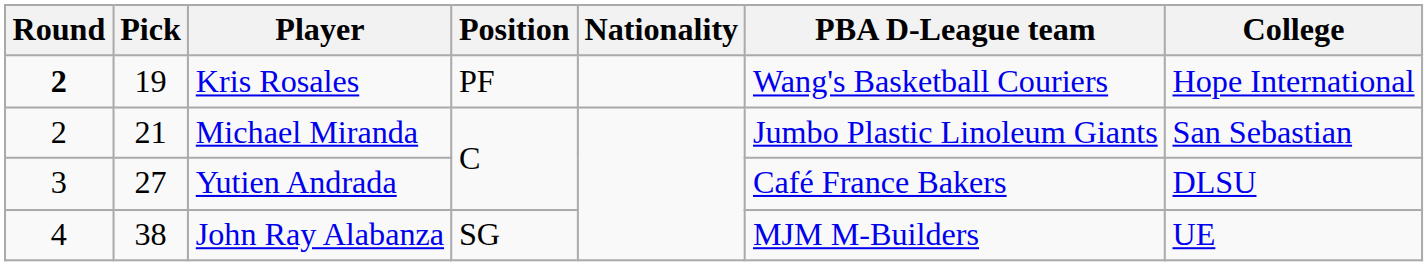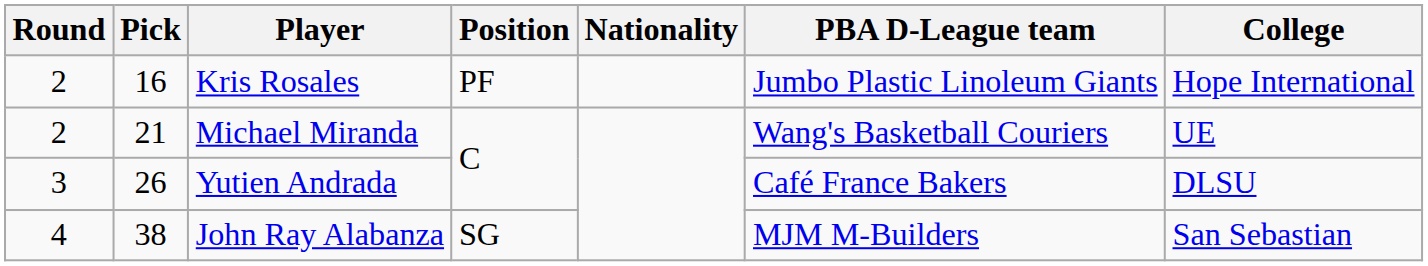 <table class="wikitable sortable sortable">
 <tr>
 <th>Round</th>
 <th>Pick</th>
 <th>Player</th>
 <th>Position</th>
 <th>Nationality</th>
 <th>PBA D-League team</th>
 <th>College</th>
 </tr>
 <tr>
-<td align=center><strong>2</strong></td>
-<td align=center>19</td>
+<td align=center>2</td>
+<td align=center>16</td>
 <td><a href='#'>Kris Rosales</a></td>
 <td>PF</td>
 <td></td>
-<td><a href='#'>Wang's Basketball Couriers</a></td>
+<td><a href='#'>Jumbo Plastic Linoleum Giants</a></td>
 <td><a href='#'>Hope International</a></td>
 </tr>
 <tr>
 <td align=center>2</td>
 <td align=center>21</td>
 <td><a href='#'>Michael Miranda</a></td>
 <td rowspan=2>C</td>
 <td rowspan=3></td>
-<td><a href='#'>Jumbo Plastic Linoleum Giants</a></td>
-<td><a href='#'>San Sebastian</a></td>
+<td><a href='#'>Wang's Basketball Couriers</a></td>
+<td><a href='#'>UE</a></td>
 </tr>
 <tr>
 <td align=center>3</td>
-<td align=center>27</td>
+<td align=center>26</td>
 <td><a href='#'>Yutien Andrada</a></td>
 <td><a href='#'>Café France Bakers</a></td>
 <td><a href='#'>DLSU</a></td>
 </tr>
 <tr>
 <td align=center>4</td>
 <td align=center>38</td>
 <td><a href='#'>John Ray Alabanza</a></td>
 <td>SG</td>
 <td><a href='#'>MJM M-Builders</a></td>
-<td><a href='#'>UE</a></td>
+<td><a href='#'>San Sebastian</a></td>
 </tr>
 </table>
